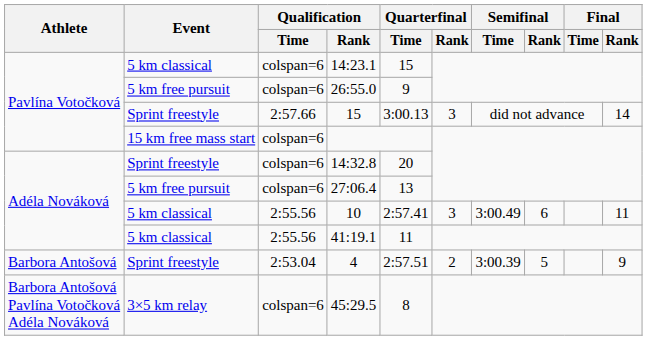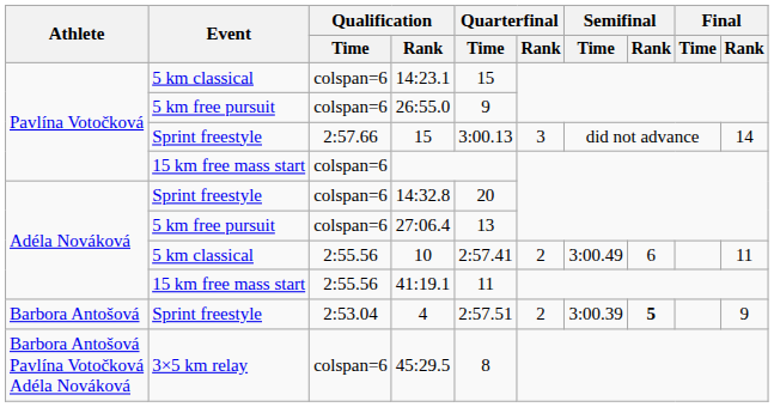 <table class="wikitable" style="font-size:90%">
 <tr>
 <th rowspan="2">Athlete</th>
 <th rowspan="2">Event</th>
 <th colspan="2">Qualification</th>
 <th colspan="2">Quarterfinal</th>
 <th colspan="2">Semifinal</th>
 <th colspan="2">Final</th>
 </tr>
 <tr style="font-size:95%">
 <th>Time</th>
 <th>Rank</th>
 <th>Time</th>
 <th>Rank</th>
 <th>Time</th>
 <th>Rank</th>
 <th>Time</th>
 <th>Rank</th>
 </tr>
 <tr align=center>
 <td rowspan="4" align="left"><a href='#'>Pavlína Votočková</a></td>
 <td align=left><a href='#'>5 km classical</a></td>
 <td>colspan=6</td>
 <td>14:23.1</td>
 <td>15</td>
 </tr>
 <tr align = center>
 <td align=left><a href='#'>5 km free pursuit</a></td>
 <td>colspan=6</td>
 <td>26:55.0</td>
 <td>9</td>
 </tr>
 <tr align="center">
 <td align="left"><a href='#'>Sprint freestyle</a></td>
 <td>2:57.66</td>
 <td>15</td>
 <td>3:00.13</td>
 <td>3</td>
 <td colspan="3">did not advance</td>
 <td>14</td>
 </tr>
 <tr align = center>
 <td align=left><a href='#'>15 km free mass start</a></td>
 <td>colspan=6</td>
 <td colspan="2"></td>
 </tr>
 <tr align="center">
 <td rowspan="4" align="left"><a href='#'>Adéla Nováková</a></td>
 <td align="left"><a href='#'>Sprint freestyle</a></td>
 <td>colspan=6</td>
 <td>14:32.8</td>
 <td>20</td>
 </tr>
 <tr align = center>
 <td align=left><a href='#'>5 km free pursuit</a></td>
 <td>colspan=6</td>
 <td>27:06.4</td>
 <td>13</td>
 </tr>
 <tr align="center">
 <td align="left"><a href='#'>5 km classical</a></td>
 <td>2:55.56</td>
 <td>10</td>
 <td>2:57.41</td>
-<td>3</td>
+<td>2</td>
 <td>3:00.49</td>
 <td>6</td>
 <td></td>
 <td>11</td>
 </tr>
 <tr align = center>
-<td align="left"><a href='#'>5 km classical</a></td>
+<td align=left><a href='#'>15 km free mass start</a></td>
 <td>2:55.56</td>
 <td>41:19.1</td>
 <td>11</td>
 </tr>
 <tr align = center>
 <td align=left><a href='#'>Barbora Antošová</a></td>
 <td align=left><a href='#'>Sprint freestyle</a></td>
 <td>2:53.04</td>
 <td>4</td>
 <td>2:57.51</td>
 <td>2</td>
 <td>3:00.39</td>
-<td>5</td>
+<td><strong>5</strong></td>
 <td></td>
 <td>9</td>
 </tr>
 <tr align = center>
 <td align=left><a href='#'>Barbora Antošová</a><br><a href='#'>Pavlína Votočková</a><br><a href='#'>Adéla Nováková</a></td>
 <td align=left><a href='#'>3×5 km relay</a></td>
 <td>colspan=6</td>
 <td>45:29.5</td>
 <td>8</td>
 </tr>
 </table>
